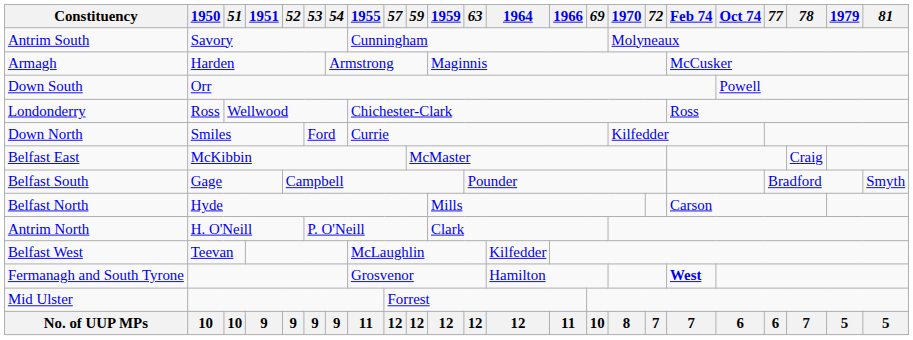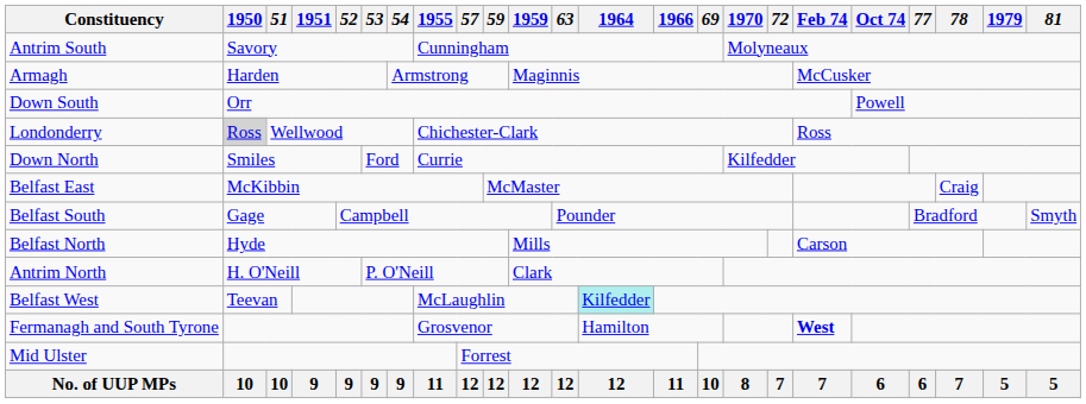 <table class="wikitable">
 <tr>
 <th>Constituency</th>
 <th><a href='#'>1950</a></th>
 <th><em>51</em></th>
 <th><a href='#'>1951</a></th>
 <th><em>52</em></th>
 <th><em>53</em></th>
 <th><em>54</em></th>
 <th><a href='#'>1955</a></th>
 <th><em>57</em></th>
 <th><em>59</em></th>
 <th><a href='#'>1959</a></th>
 <th><em>63</em></th>
 <th><a href='#'>1964</a></th>
 <th><a href='#'>1966</a></th>
 <th><em>69</em></th>
 <th><a href='#'>1970</a></th>
 <th><em>72</em></th>
 <th><a href='#'>Feb 74</a></th>
 <th><a href='#'>Oct 74</a></th>
 <th><em>77</em></th>
 <th><em>78</em></th>
 <th><a href='#'>1979</a></th>
 <th><em>81</em></th>
 </tr>
 <tr>
 <td><a href='#'>Antrim South</a></td>
 <td colspan="6"><a href='#'>Savory</a></td>
 <td colspan="8"><a href='#'>Cunningham</a></td>
 <td colspan="8"><a href='#'>Molyneaux</a></td>
 </tr>
 <tr>
 <td><a href='#'>Armagh</a></td>
 <td colspan="5"><a href='#'>Harden</a></td>
 <td colspan="4"><a href='#'>Armstrong</a></td>
 <td colspan="7"><a href='#'>Maginnis</a></td>
 <td colspan="6"><a href='#'>McCusker</a></td>
 </tr>
 <tr>
 <td><a href='#'>Down South</a></td>
 <td colspan="17"><a href='#'>Orr</a></td>
 <td colspan="5"><a href='#'>Powell</a></td>
 </tr>
 <tr>
 <td><a href='#'>Londonderry</a></td>
-<td><a href='#'>Ross</a></td>
+<td style="background: lightgrey;"><a href='#'>Ross</a></td>
 <td colspan="5"><a href='#'>Wellwood</a></td>
 <td colspan="10"><a href='#'>Chichester-Clark</a></td>
 <td colspan="6"><a href='#'>Ross</a></td>
 </tr>
 <tr>
 <td><a href='#'>Down North</a></td>
 <td colspan="4"><a href='#'>Smiles</a></td>
 <td colspan="2"><a href='#'>Ford</a></td>
 <td colspan="8"><a href='#'>Currie</a></td>
 <td colspan="4"><a href='#'>Kilfedder</a></td>
 <td colspan="4"></td>
 </tr>
 <tr>
 <td><a href='#'>Belfast East</a></td>
 <td colspan="8"><a href='#'>McKibbin</a></td>
 <td colspan="8"><a href='#'>McMaster</a></td>
 <td colspan="3"></td>
 <td><a href='#'>Craig</a></td>
 <td colspan="2"></td>
 </tr>
 <tr>
 <td><a href='#'>Belfast South</a></td>
 <td colspan="3"><a href='#'>Gage</a></td>
 <td colspan="7"><a href='#'>Campbell</a></td>
 <td colspan="6"><a href='#'>Pounder</a></td>
 <td colspan="2"></td>
 <td colspan="3"><a href='#'>Bradford</a></td>
 <td><a href='#'>Smyth</a></td>
 </tr>
 <tr>
 <td><a href='#'>Belfast North</a></td>
 <td colspan="9"><a href='#'>Hyde</a></td>
 <td colspan="6"><a href='#'>Mills</a></td>
 <td></td>
 <td colspan="4"><a href='#'>Carson</a></td>
 <td colspan="2"></td>
 </tr>
 <tr>
 <td><a href='#'>Antrim North</a></td>
 <td colspan="4"><a href='#'>H. O'Neill</a></td>
 <td colspan="5"><a href='#'>P. O'Neill</a></td>
 <td colspan="5"><a href='#'>Clark</a></td>
 <td colspan="8"></td>
 </tr>
 <tr>
 <td><a href='#'>Belfast West</a></td>
 <td colspan="2"><a href='#'>Teevan</a></td>
 <td colspan="4"></td>
 <td colspan="5"><a href='#'>McLaughlin</a></td>
-<td><a href='#'>Kilfedder</a></td>
+<td style="background: paleturquoise;"><a href='#'>Kilfedder</a></td>
 <td colspan="10"></td>
 </tr>
 <tr>
 <td><a href='#'>Fermanagh and South Tyrone</a></td>
 <td colspan="6"></td>
 <td colspan="5"><a href='#'>Grosvenor</a></td>
 <td colspan="3"><a href='#'>Hamilton</a></td>
 <td colspan="2"></td>
 <td><strong><a href='#'>West</a></strong></td>
 <td colspan="5"></td>
 </tr>
 <tr>
 <td><a href='#'>Mid Ulster</a></td>
 <td colspan="7"></td>
 <td colspan="6"><a href='#'>Forrest</a></td>
 <td colspan="9"></td>
 </tr>
 <tr>
 <th>No. of UUP MPs</th>
 <th>10</th>
 <th>10</th>
 <th>9</th>
 <th>9</th>
 <th>9</th>
 <th>9</th>
 <th>11</th>
 <th>12</th>
 <th>12</th>
 <th>12</th>
 <th>12</th>
 <th>12</th>
 <th>11</th>
 <th>10</th>
 <th>8</th>
 <th>7</th>
 <th>7</th>
 <th>6</th>
 <th>6</th>
 <th>7</th>
 <th>5</th>
 <th>5</th>
 </tr>
 </table>
